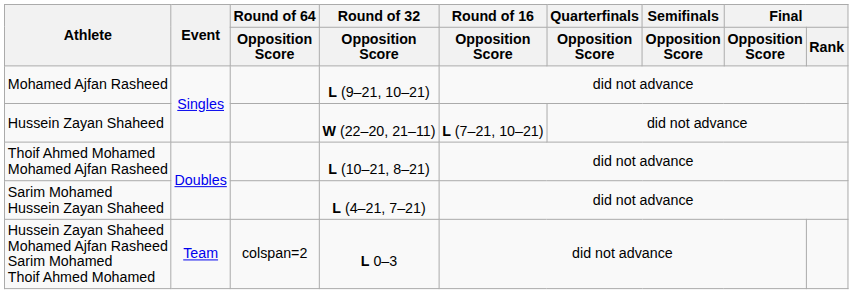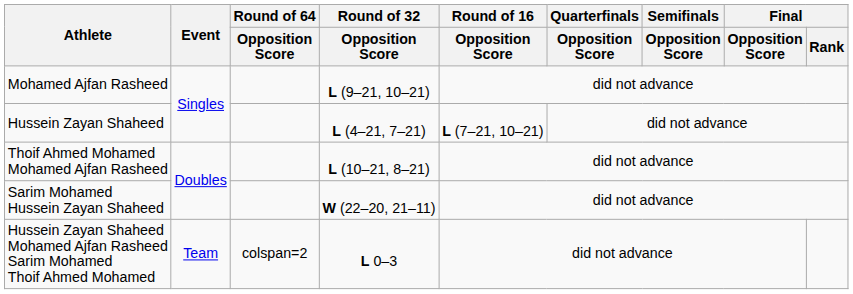 <table class=wikitable style=font-size:90%;text-align:center>
 <tr>
 <th rowspan="2">Athlete</th>
 <th rowspan="2">Event</th>
 <th>Round of 64</th>
 <th>Round of 32</th>
 <th>Round of 16</th>
 <th>Quarterfinals</th>
 <th>Semifinals</th>
 <th colspan="2">Final</th>
 </tr>
 <tr>
 <th>Opposition<br>Score</th>
 <th>Opposition<br>Score</th>
 <th>Opposition<br>Score</th>
 <th>Opposition<br>Score</th>
 <th>Opposition<br>Score</th>
 <th>Opposition<br>Score</th>
 <th>Rank</th>
 </tr>
 <tr>
 <td align=left>Mohamed Ajfan Rasheed</td>
 <td align=center rowspan=2><a href='#'>Singles</a></td>
 <td></td>
 <td><br><strong>L</strong> (9–21, 10–21)</td>
 <td colspan=5>did not advance</td>
 </tr>
 <tr>
 <td align=left>Hussein Zayan Shaheed</td>
 <td></td>
-<td><br><strong>W</strong> (22–20, 21–11)</td>
+<td><br><strong>L</strong> (4–21, 7–21)</td>
 <td><br><strong>L</strong> (7–21, 10–21)</td>
 <td colspan=4>did not advance</td>
 </tr>
 <tr>
 <td align=left>Thoif Ahmed Mohamed <br> Mohamed Ajfan Rasheed</td>
 <td align=center rowspan=2><a href='#'>Doubles</a></td>
 <td></td>
 <td><br><strong>L</strong> (10–21, 8–21)</td>
 <td colspan=5>did not advance</td>
 </tr>
 <tr>
 <td align=left>Sarim Mohamed <br> Hussein Zayan Shaheed</td>
 <td></td>
-<td><br><strong>L</strong> (4–21, 7–21)</td>
+<td><br><strong>W</strong> (22–20, 21–11)</td>
 <td colspan=5>did not advance</td>
 </tr>
 <tr>
 <td align=left>Hussein Zayan Shaheed<br>Mohamed Ajfan Rasheed<br>Sarim Mohamed<br>Thoif Ahmed Mohamed</td>
 <td align=center><a href='#'>Team</a></td>
 <td>colspan=2 </td>
 <td><br><strong>L</strong> 0–3</td>
 <td colspan=4>did not advance</td>
 </tr>
 </table>
